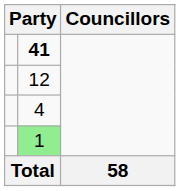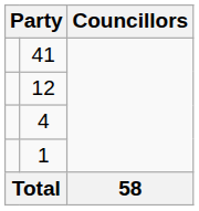 <table class="wikitable">
 <tr>
 <th colspan=2>Party</th>
 <th>Councillors</th>
 </tr>
 <tr>
 <td></td>
-<td align=center><strong>41</strong></td>
+<td align=center>41</td>
 </tr>
 <tr>
 <td></td>
 <td align=center>12</td>
 </tr>
 <tr>
 <td></td>
 <td align=center>4</td>
 </tr>
 <tr>
 <td></td>
-<td align=center style="background: lightgreen;">1</td>
+<td align=center>1</td>
 </tr>
 <tr>
 <th colspan=2>Total</th>
 <th align=center>58</th>
 </tr>
 </table>
